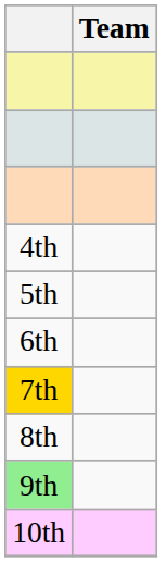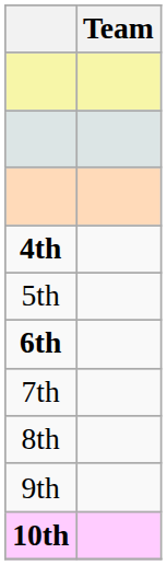 <table class="wikitable" style="text-align:center">
 <tr>
 <th width=15></th>
 <th>Team</th>
 </tr>
 <tr bgcolor="#F7F6A8">
 <td align="center" style="height:23px"></td>
 <td align=left></td>
 </tr>
 <tr bgcolor="#DCE5E5">
 <td align="center" style="height:23px"></td>
 <td align=left></td>
 </tr>
 <tr bgcolor="#FFDAB9">
 <td align="center" style="height:23px"></td>
 <td align=left></td>
 </tr>
 <tr>
-<td>4th</td>
+<td><strong>4th</strong></td>
 <td align=left></td>
 </tr>
 <tr>
 <td>5th</td>
 <td align=left></td>
 </tr>
 <tr>
-<td>6th</td>
+<td><strong>6th</strong></td>
 <td align=left></td>
 </tr>
 <tr align=center>
-<td style="background: gold;">7th</td>
+<td>7th</td>
 <td align=left></td>
 </tr>
 <tr align=center>
 <td>8th</td>
 <td align=left></td>
 </tr>
 <tr align=center>
-<td style="background: lightgreen;">9th</td>
+<td>9th</td>
 <td align=left></td>
 </tr>
 <tr align=center bgcolor="#ffccff">
-<td>10th</td>
+<td><strong>10th</strong></td>
 <td align=left></td>
 </tr>
 <tr>
 </tr>
 </table>
